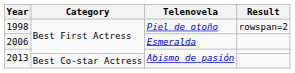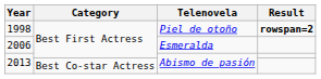 <table class="wikitable">
 <tr>
 <th><strong>Year</strong></th>
 <th><strong>Category</strong></th>
 <th><strong>Telenovela</strong></th>
 <th><strong>Result</strong></th>
 </tr>
 <tr>
 <td>1998</td>
 <td rowspan=3>Best First Actress</td>
 <td><em><a href='#'>Piel de otoño</a></em></td>
-<td>rowspan=2 </td>
+<td><strong>rowspan=2 </strong></td>
 </tr>
 <tr>
 <td>2006</td>
 <td><em><a href='#'>Esmeralda</a></em></td>
 </tr>
 <tr>
 <td rowspan=2>2013</td>
 <td rowspan=2><em><a href='#'>Abismo de pasión</a></em></td>
 <td></td>
 </tr>
 <tr>
 <td>Best Co-star Actress</td>
 <td></td>
 </tr>
 </table>
